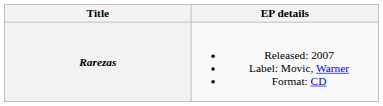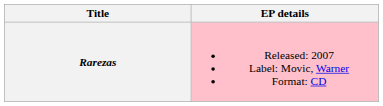 <table class="wikitable plainrowheaders" style="text-align:center;">
 <tr>
 <th scope="col" style="width:16em;">Title</th>
 <th scope="col" style="width:16em;">EP details</th>
 </tr>
 <tr>
 <th scope="row"><em>Rarezas</em></th>
-<td><br><ul><li>Released: 2007</li><li>Label: Movic, <a href='#'>Warner</a></li><li>Format: <a href='#'>CD</a></li></ul></td>
+<td style="background: pink;"><br><ul><li>Released: 2007</li><li>Label: Movic, <a href='#'>Warner</a></li><li>Format: <a href='#'>CD</a></li></ul></td>
 </tr>
 </table>
